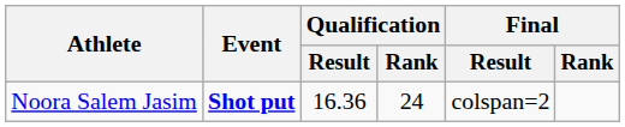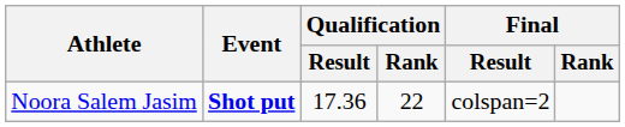 <table class=wikitable style=font-size:90%>
 <tr>
 <th rowspan=2>Athlete</th>
 <th rowspan=2>Event</th>
 <th colspan=2>Qualification</th>
 <th colspan=2>Final</th>
 </tr>
 <tr style=font-size:95%>
 <th>Result</th>
 <th>Rank</th>
 <th>Result</th>
 <th>Rank</th>
 </tr>
 <tr align=center>
 <td align=left><a href='#'>Noora Salem Jasim</a></td>
 <td align=left><strong><a href='#'>Shot put</a></strong></td>
-<td>16.36</td>
-<td>24</td>
+<td>17.36</td>
+<td>22</td>
 <td>colspan=2</td>
 </tr>
 </table>
